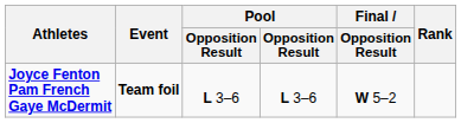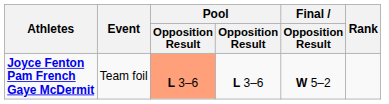 <table class=wikitable style="font-size:90%;text-align:center">
 <tr>
 <th rowspan=2>Athletes</th>
 <th rowspan=2>Event</th>
 <th colspan=2>Pool</th>
 <th>Final / </th>
 <th rowspan=2>Rank</th>
 </tr>
 <tr style="font-size:95%">
 <th>Opposition<br>Result</th>
 <th>Opposition<br>Result</th>
 <th>Opposition<br>Result</th>
 </tr>
 <tr>
 <td style="text-align:left;"><strong><a href='#'>Joyce Fenton</a><br><a href='#'>Pam French</a><br><a href='#'>Gaye McDermit</a></strong></td>
-<td style="text-align:left;"><strong>Team foil</strong></td>
-<td><br><strong>L</strong> 3–6</td>
+<td style="text-align:left;">Team foil</td>
+<td style="background: lightsalmon;"><br><strong>L</strong> 3–6</td>
 <td><br><strong>L</strong> 3–6</td>
 <td><br><strong>W</strong> 5–2</td>
 <td></td>
 </tr>
 </table>
